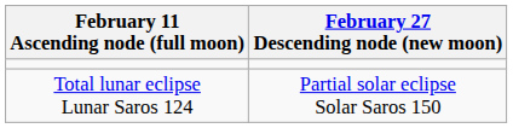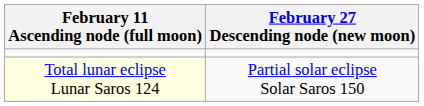 <table class="wikitable">
 <tr>
 <th>February 11<br>Ascending node (full moon)<br></th>
 <th><a href='#'>February 27</a><br>Descending node (new moon)<br></th>
 </tr>
 <tr>
 <td></td>
 <td></td>
 </tr>
 <tr align=center>
-<td><a href='#'>Total lunar eclipse</a><br>Lunar Saros 124</td>
+<td style="background: lightyellow;"><a href='#'>Total lunar eclipse</a><br>Lunar Saros 124</td>
 <td><a href='#'>Partial solar eclipse</a><br>Solar Saros 150</td>
 </tr>
 </table>
